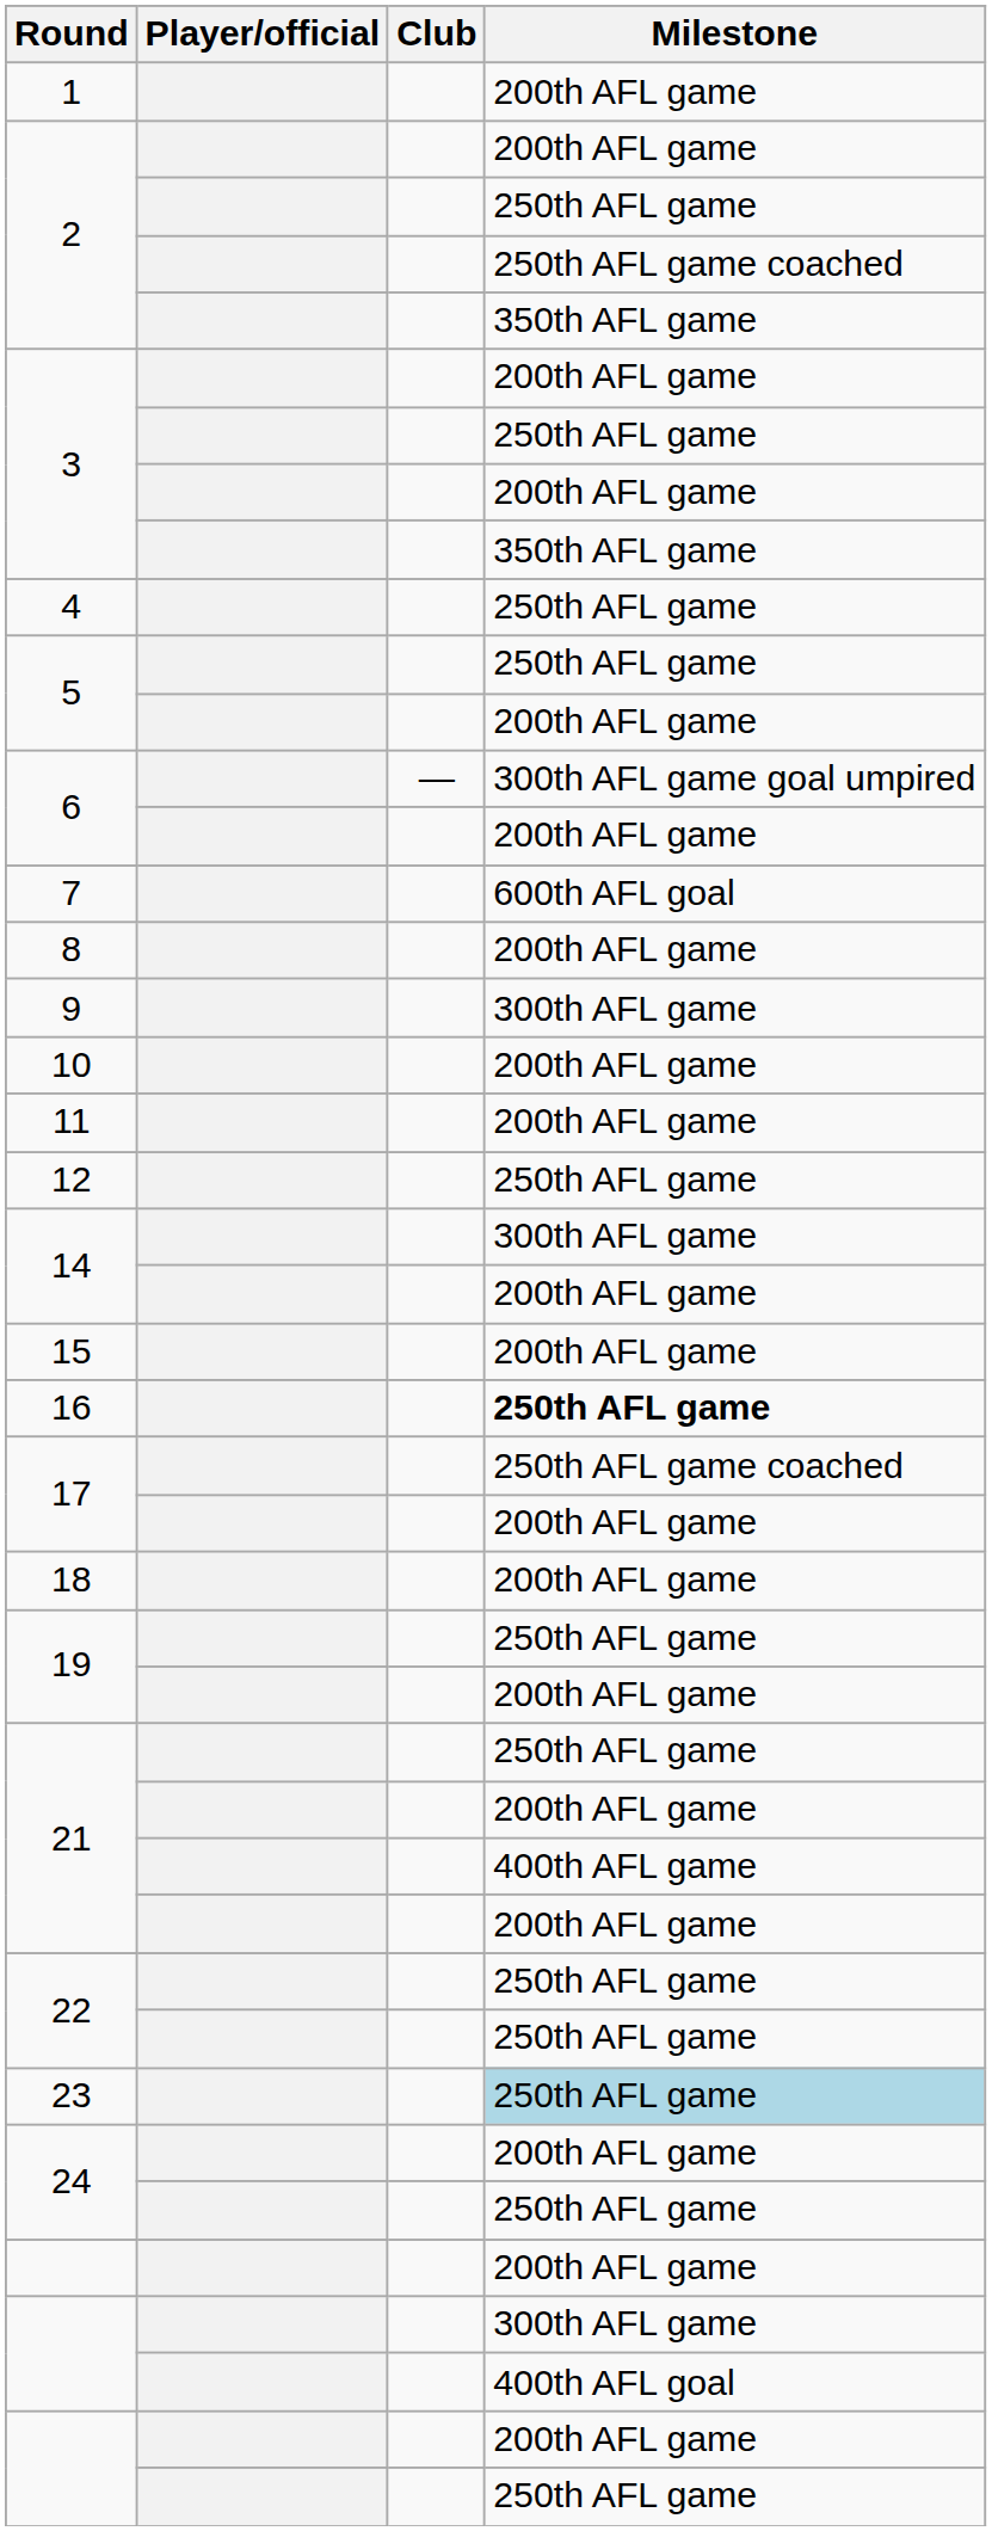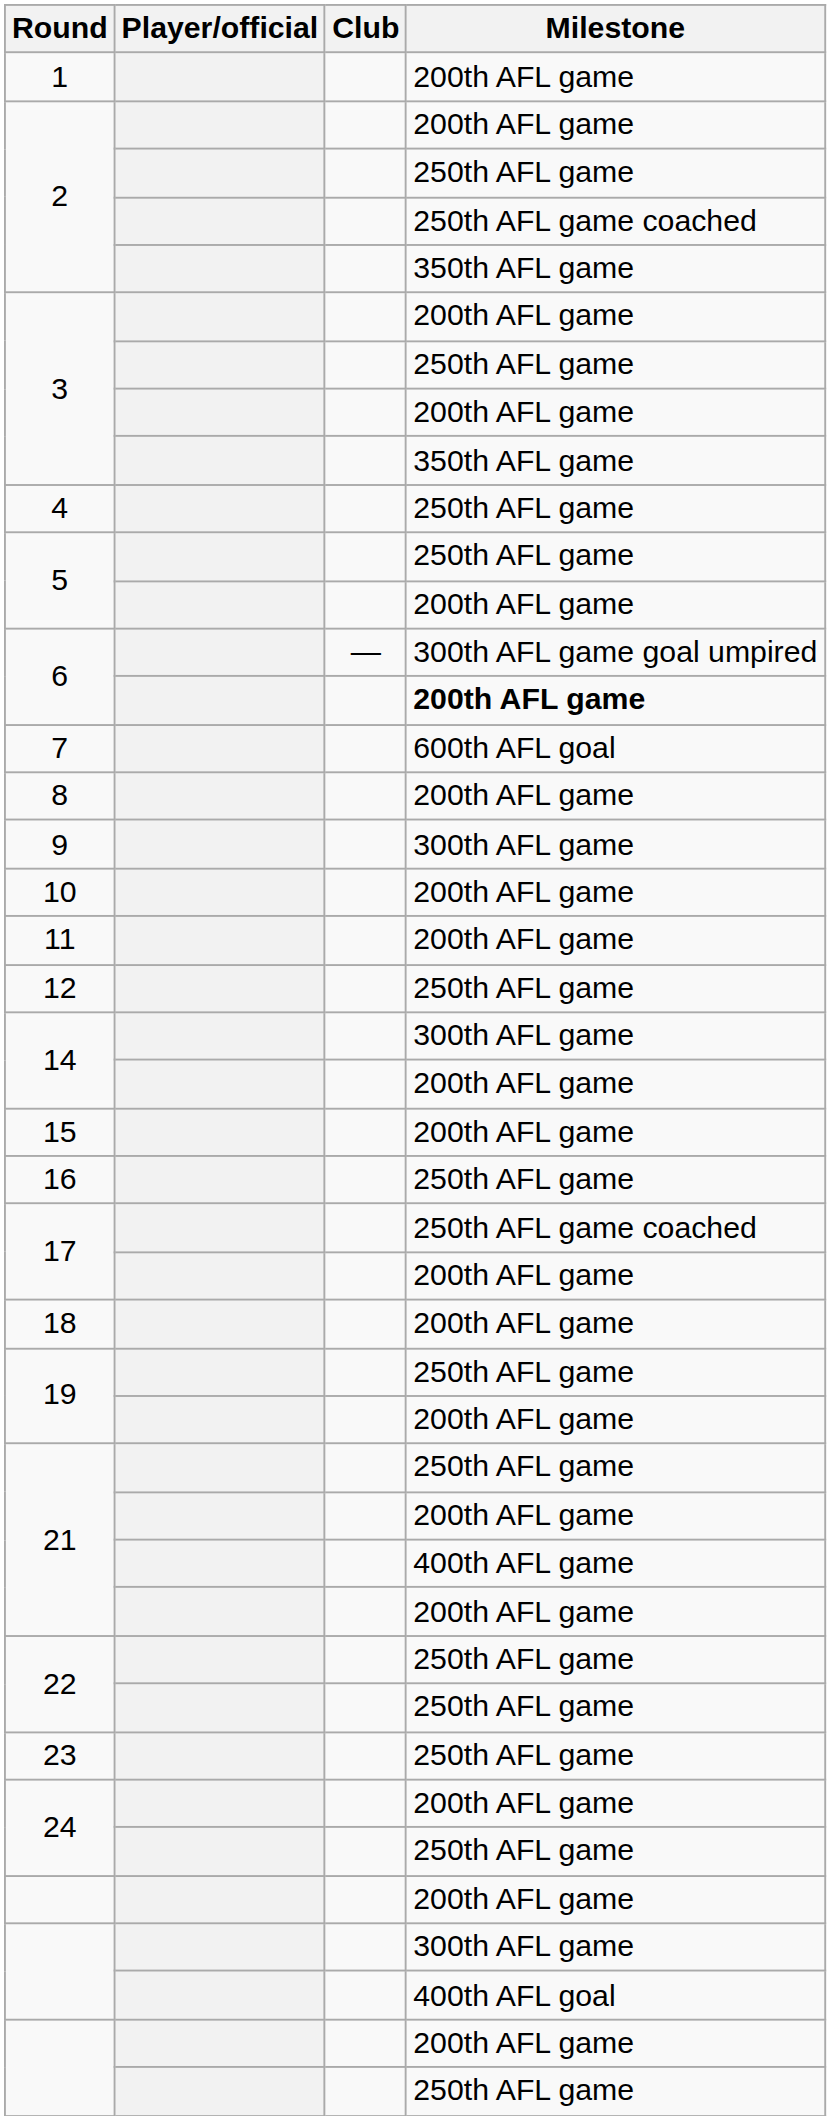 <table class="wikitable plainrowheaders sortable">
 <tr>
 <th class=unsortable>Round</th>
 <th>Player/official</th>
 <th>Club</th>
 <th>Milestone</th>
 </tr>
 <tr>
 <td align=center>1</td>
 <th scope=row></th>
 <td></td>
 <td>200th AFL game</td>
 </tr>
 <tr>
 <td rowspan=4 align=center>2</td>
 <th scope=row></th>
 <td></td>
 <td>200th AFL game</td>
 </tr>
 <tr>
 <th scope=row></th>
 <td></td>
 <td>250th AFL game</td>
 </tr>
 <tr>
 <th scope=row></th>
 <td></td>
 <td>250th AFL game coached</td>
 </tr>
 <tr>
 <th scope=row></th>
 <td></td>
 <td>350th AFL game</td>
 </tr>
 <tr>
 <td rowspan=4 align=center>3</td>
 <th scope=row></th>
 <td></td>
 <td>200th AFL game</td>
 </tr>
 <tr>
 <th scope=row></th>
 <td></td>
 <td>250th AFL game</td>
 </tr>
 <tr>
 <th scope=row></th>
 <td></td>
 <td>200th AFL game</td>
 </tr>
 <tr>
 <th scope=row></th>
 <td></td>
 <td>350th AFL game</td>
 </tr>
 <tr>
 <td align=center>4</td>
 <th scope=row></th>
 <td></td>
 <td>250th AFL game</td>
 </tr>
 <tr>
 <td rowspan=2 align=center>5</td>
 <th scope=row></th>
 <td></td>
 <td>250th AFL game</td>
 </tr>
 <tr>
 <th scope=row></th>
 <td></td>
 <td>200th AFL game</td>
 </tr>
 <tr>
 <td rowspan=2 align=center>6</td>
 <th scope=row></th>
 <td align=center>—</td>
 <td>300th AFL game goal umpired</td>
 </tr>
 <tr>
 <th scope=row></th>
 <td></td>
-<td>200th AFL game</td>
+<td><strong>200th AFL game</strong></td>
 </tr>
 <tr>
 <td align=center>7</td>
 <th scope=row></th>
 <td></td>
 <td>600th AFL goal</td>
 </tr>
 <tr>
 <td align=center>8</td>
 <th scope=row></th>
 <td></td>
 <td>200th AFL game</td>
 </tr>
 <tr>
 <td align=center>9</td>
 <th scope=row></th>
 <td></td>
 <td>300th AFL game</td>
 </tr>
 <tr>
 <td align=center>10</td>
 <th scope=row></th>
 <td></td>
 <td>200th AFL game</td>
 </tr>
 <tr>
 <td align=center>11</td>
 <th scope=row></th>
 <td></td>
 <td>200th AFL game</td>
 </tr>
 <tr>
 <td align=center>12</td>
 <th scope=row></th>
 <td></td>
 <td>250th AFL game</td>
 </tr>
 <tr>
 <td rowspan=2 align=center>14</td>
 <th scope=row></th>
 <td></td>
 <td>300th AFL game</td>
 </tr>
 <tr>
 <th scope=row></th>
 <td></td>
 <td>200th AFL game</td>
 </tr>
 <tr>
 <td align=center>15</td>
 <th scope=row></th>
 <td></td>
 <td>200th AFL game</td>
 </tr>
 <tr>
 <td align=center>16</td>
 <th scope=row></th>
 <td></td>
-<td><strong>250th AFL game</strong></td>
+<td>250th AFL game</td>
 </tr>
 <tr>
 <td rowspan=2 align=center>17</td>
 <th scope=row></th>
 <td></td>
 <td>250th AFL game coached</td>
 </tr>
 <tr>
 <th scope=row></th>
 <td></td>
 <td>200th AFL game</td>
 </tr>
 <tr>
 <td align=center>18</td>
 <th scope=row></th>
 <td></td>
 <td>200th AFL game</td>
 </tr>
 <tr>
 <td rowspan=2 align=center>19</td>
 <th scope=row></th>
 <td></td>
 <td>250th AFL game</td>
 </tr>
 <tr>
 <th scope=row></th>
 <td></td>
 <td>200th AFL game</td>
 </tr>
 <tr>
 <td rowspan=4 align=center>21</td>
 <th scope=row></th>
 <td></td>
 <td>250th AFL game</td>
 </tr>
 <tr>
 <th scope=row></th>
 <td></td>
 <td>200th AFL game</td>
 </tr>
 <tr>
 <th scope=row></th>
 <td></td>
 <td>400th AFL game</td>
 </tr>
 <tr>
 <th scope=row></th>
 <td></td>
 <td>200th AFL game</td>
 </tr>
 <tr>
 <td rowspan=2 align=center>22</td>
 <th scope=row></th>
 <td></td>
 <td>250th AFL game</td>
 </tr>
 <tr>
 <th scope=row></th>
 <td></td>
 <td>250th AFL game</td>
 </tr>
 <tr>
 <td align=center>23</td>
 <th scope=row></th>
 <td></td>
-<td style="background: lightblue;">250th AFL game</td>
+<td>250th AFL game</td>
 </tr>
 <tr>
 <td rowspan=2 align=center>24</td>
 <th scope=row></th>
 <td></td>
 <td>200th AFL game</td>
 </tr>
 <tr>
 <th scope=row></th>
 <td></td>
 <td>250th AFL game</td>
 </tr>
 <tr>
 <td align=center></td>
 <th scope=row></th>
 <td></td>
 <td>200th AFL game</td>
 </tr>
 <tr>
 <td rowspan=2 align=center></td>
 <th scope=row></th>
 <td></td>
 <td>300th AFL game</td>
 </tr>
 <tr>
 <th scope=row></th>
 <td></td>
 <td>400th AFL goal</td>
 </tr>
 <tr>
 <td rowspan=2 align=center></td>
 <th scope=row></th>
 <td></td>
 <td>200th AFL game</td>
 </tr>
 <tr>
 <th scope=row></th>
 <td></td>
 <td>250th AFL game</td>
 </tr>
 </table>
